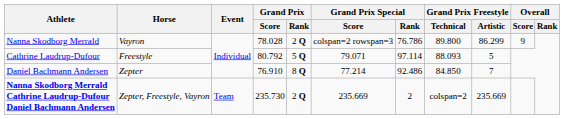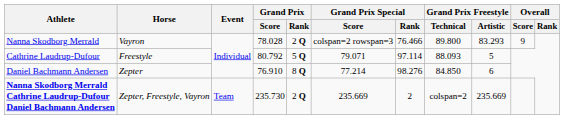 <table class=wikitable style="font-size:90%; text-align:center;">
 <tr>
 <th rowspan=2>Athlete</th>
 <th rowspan=2>Horse</th>
 <th rowspan=2>Event</th>
 <th colspan=2>Grand Prix</th>
 <th colspan=2>Grand Prix Special</th>
 <th colspan=2>Grand Prix Freestyle</th>
 <th colspan=2>Overall</th>
 </tr>
 <tr style=font-size:95%>
 <th>Score</th>
 <th>Rank</th>
 <th>Score</th>
 <th>Rank</th>
 <th>Technical</th>
 <th>Artistic</th>
 <th>Score</th>
 <th>Rank</th>
 </tr>
 <tr>
 <td align=left><a href='#'>Nanna Skodborg Merrald</a></td>
 <td align=left><em>Vayron</em></td>
 <td rowspan=3 align=left><a href='#'>Individual</a></td>
 <td>78.028</td>
 <td>2 <strong>Q</strong></td>
 <td>colspan=2 rowspan=3 </td>
-<td>76.786</td>
+<td>76.466</td>
 <td>89.800</td>
-<td>86.299</td>
+<td>83.293</td>
 <td>9</td>
 </tr>
 <tr>
 <td align=left><a href='#'>Cathrine Laudrup-Dufour</a></td>
 <td align=left><em>Freestyle</em></td>
 <td>80.792</td>
 <td>5 <strong>Q</strong></td>
 <td>79.071</td>
 <td>97.114</td>
 <td>88.093</td>
 <td>5</td>
 </tr>
 <tr>
 <td align=left><a href='#'>Daniel Bachmann Andersen</a></td>
 <td align=left><em>Zepter</em></td>
 <td>76.910</td>
 <td>8 <strong>Q</strong></td>
 <td>77.214</td>
-<td>92.486</td>
+<td>98.276</td>
 <td>84.850</td>
-<td>7</td>
+<td>6</td>
 </tr>
 <tr>
 <td align=left><strong><a href='#'>Nanna Skodborg Merrald</a><br><a href='#'>Cathrine Laudrup-Dufour</a><br><a href='#'>Daniel Bachmann Andersen</a></strong></td>
 <td align=left><em>Zepter, Freestyle, Vayron</em></td>
 <td align=left><a href='#'>Team</a></td>
 <td>235.730</td>
 <td>2 <strong>Q</strong></td>
 <td>235.669</td>
 <td>2</td>
 <td>colspan=2 </td>
 <td>235.669</td>
 <td></td>
 </tr>
 </table>
